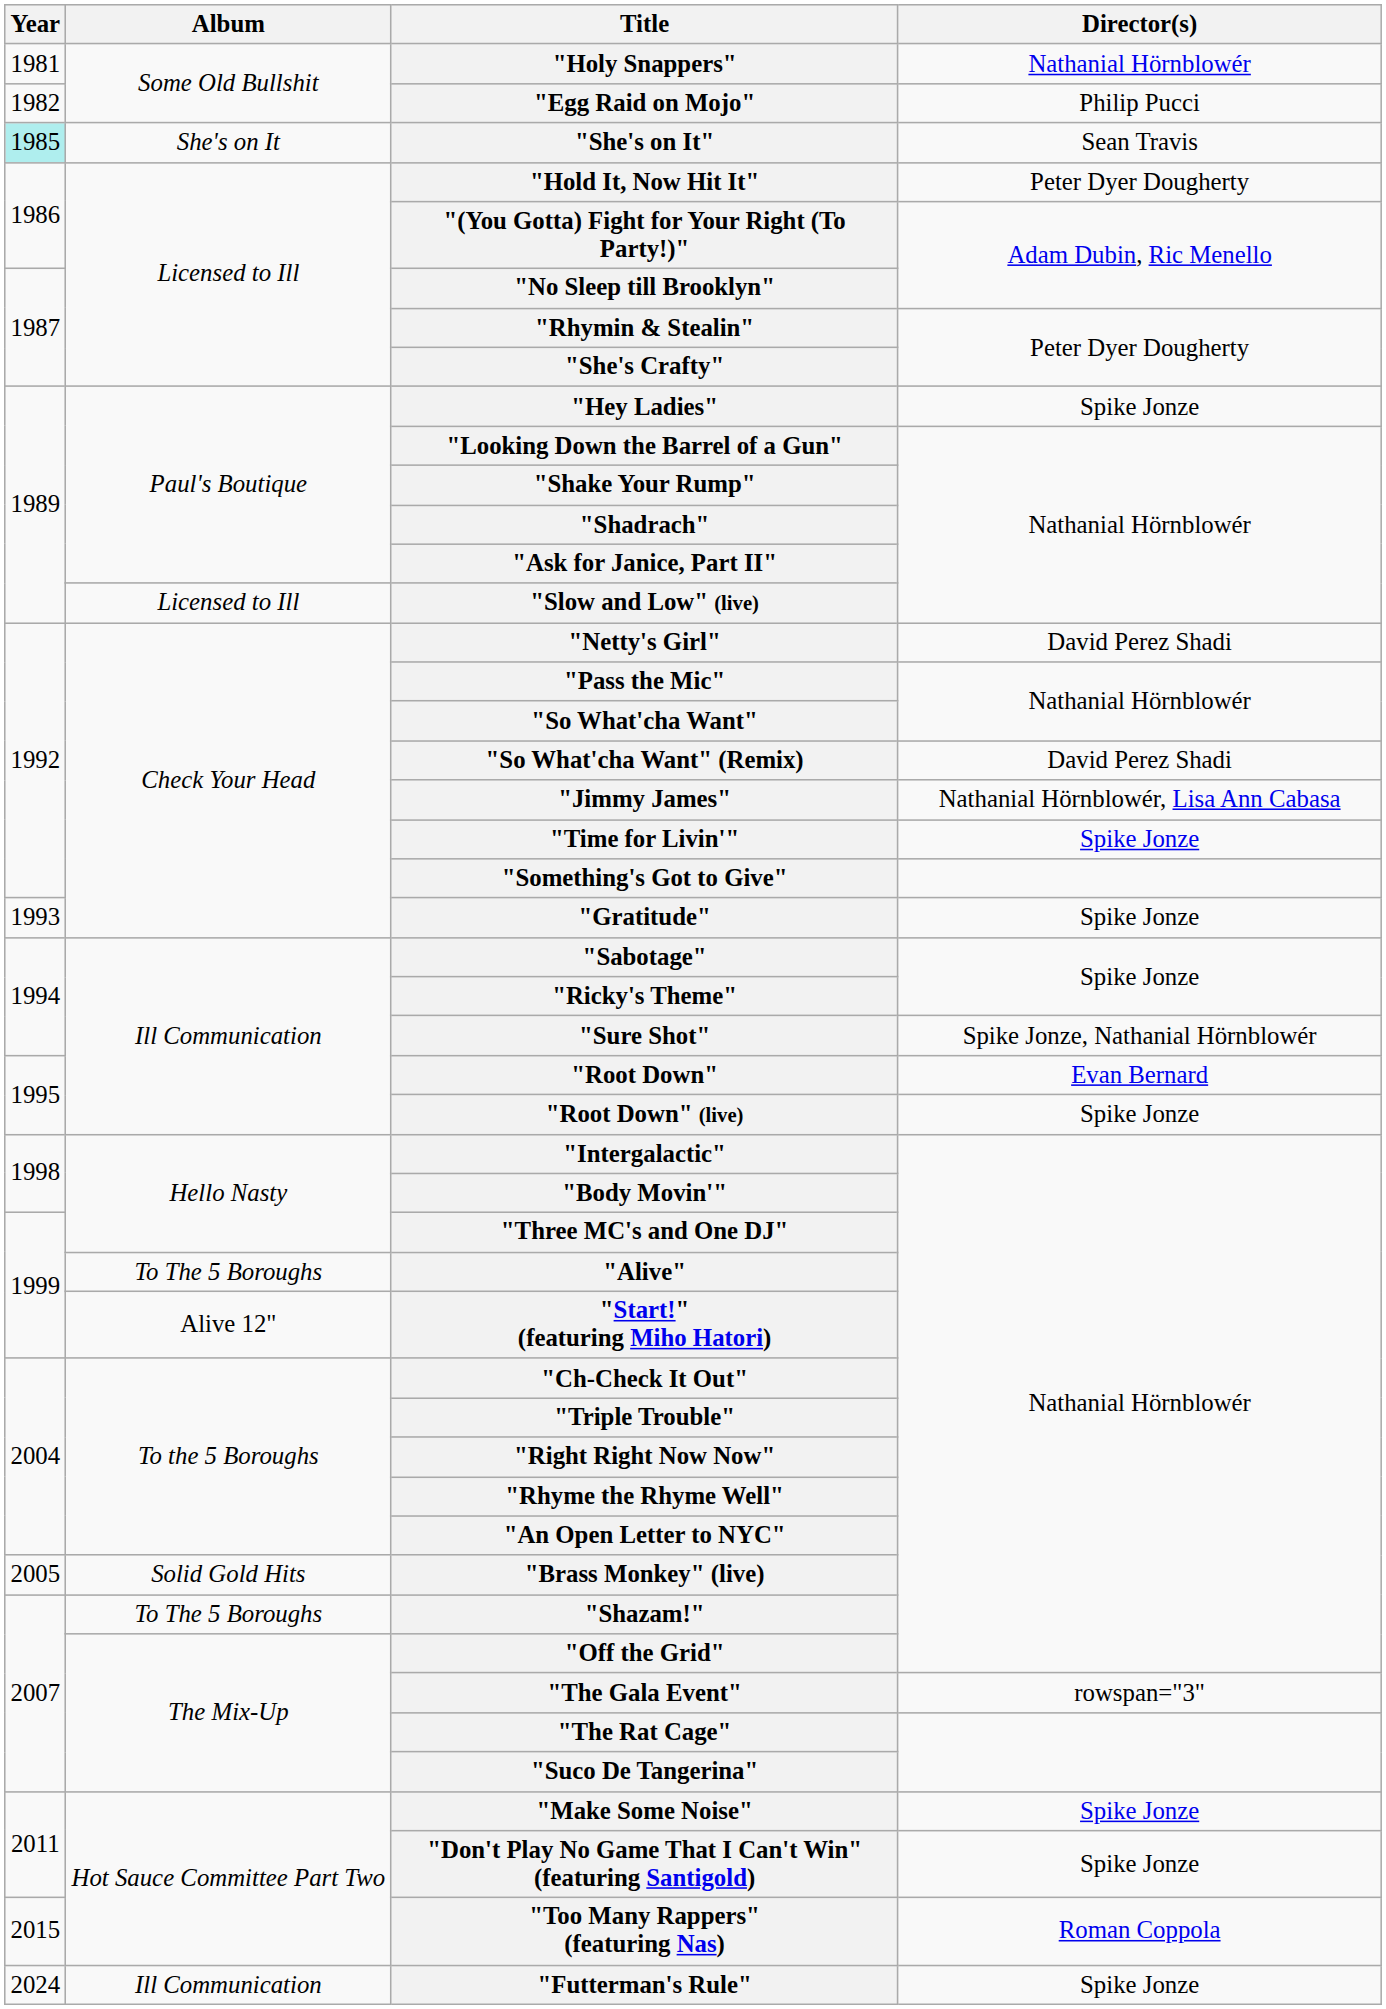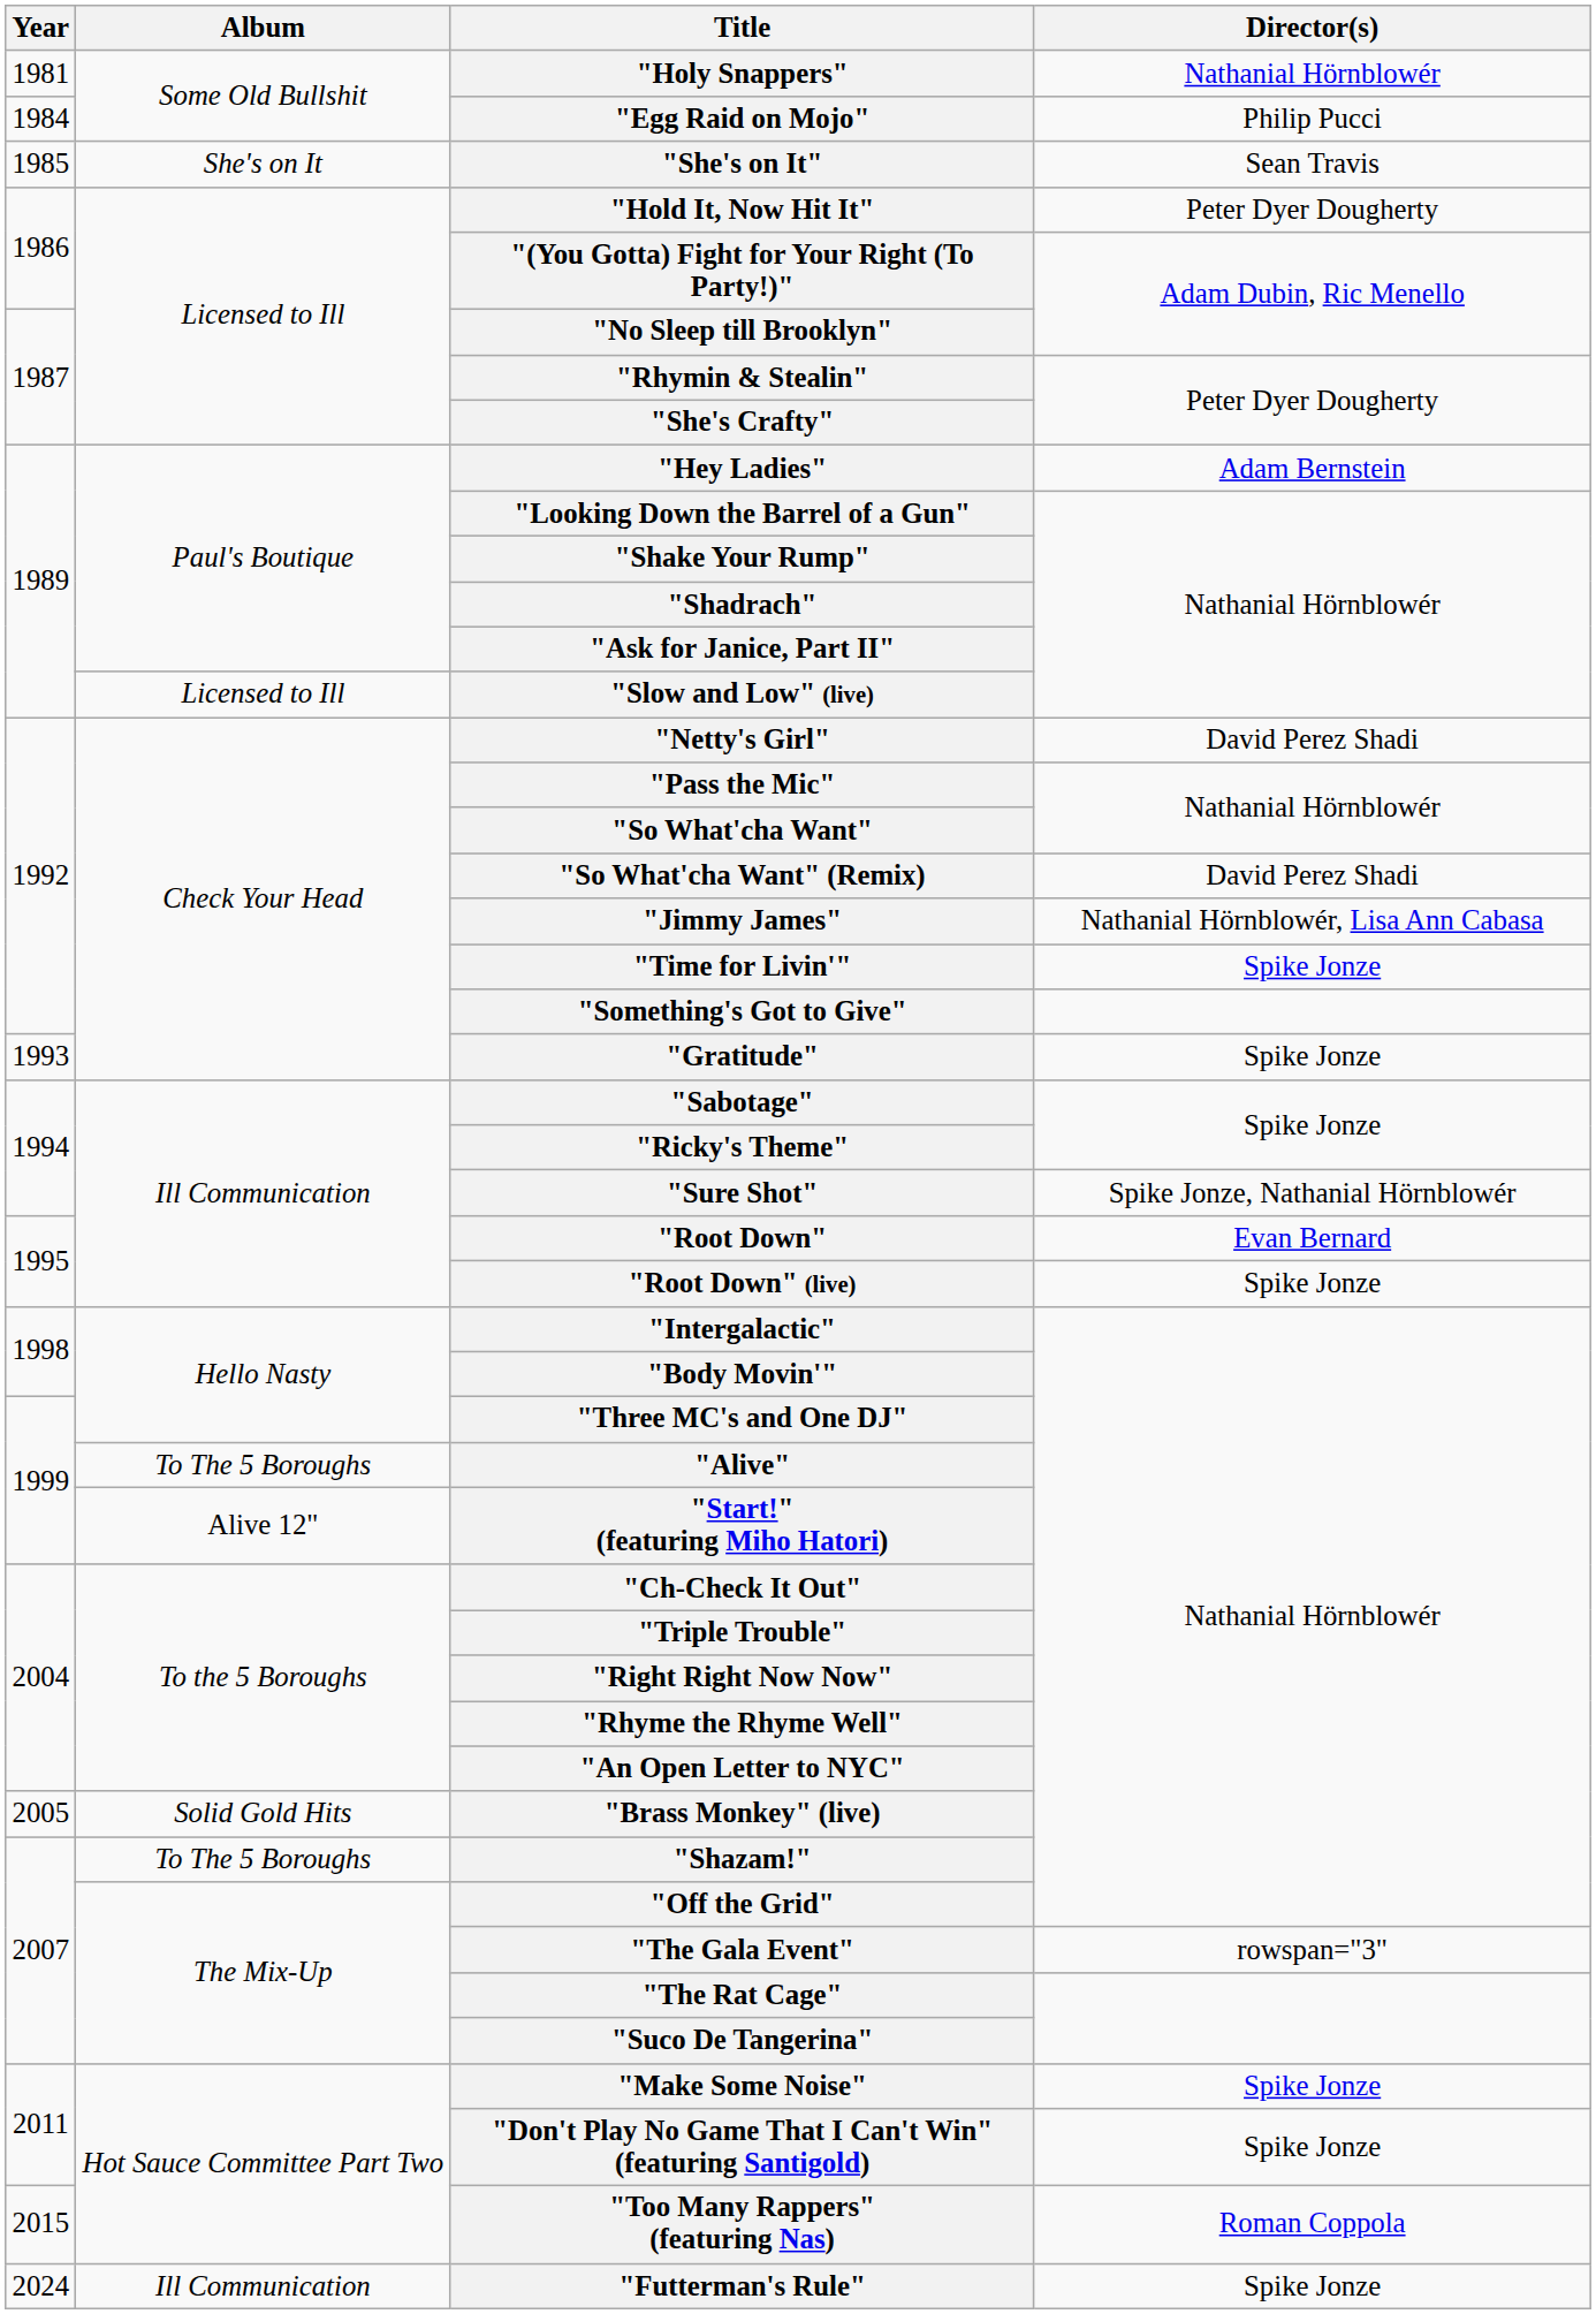 <table class="wikitable plainrowheaders" style="text-align:center;">
 <tr>
 <th scope="col">Year</th>
 <th>Album</th>
 <th scope="col" style="width:20em;">Title</th>
 <th scope="col" style="width:19em;">Director(s)</th>
 </tr>
 <tr>
 <td>1981</td>
 <td rowspan="2"><em>Some Old Bullshit</em></td>
 <th scope="row">"Holy Snappers"</th>
 <td><a href='#'>Nathanial Hörnblowér</a></td>
 </tr>
 <tr>
-<td>1982</td>
+<td>1984</td>
 <th scope="row">"Egg Raid on Mojo"</th>
 <td>Philip Pucci</td>
 </tr>
 <tr>
-<td style="background: paleturquoise;">1985</td>
+<td>1985</td>
 <td><em>She's on It</em></td>
 <th scope="row">"She's on It"</th>
 <td>Sean Travis</td>
 </tr>
 <tr>
 <td rowspan="2">1986</td>
 <td rowspan="5"><em>Licensed to Ill</em></td>
 <th scope="row">"Hold It, Now Hit It"</th>
 <td>Peter Dyer Dougherty</td>
 </tr>
 <tr>
 <th scope="row">"(You Gotta) Fight for Your Right (To Party!)"</th>
 <td rowspan="2"><a href='#'>Adam Dubin</a>, <a href='#'>Ric Menello</a></td>
 </tr>
 <tr>
 <td rowspan="3">1987</td>
 <th scope="row">"No Sleep till Brooklyn"</th>
 </tr>
 <tr>
 <th scope="row">"Rhymin & Stealin"</th>
 <td rowspan="2">Peter Dyer Dougherty</td>
 </tr>
 <tr>
 <th scope="row">"She's Crafty"</th>
 </tr>
 <tr>
 <td rowspan="6">1989</td>
 <td rowspan="5"><em>Paul's Boutique</em></td>
 <th scope="row">"Hey Ladies"</th>
-<td>Spike Jonze</td>
+<td><a href='#'>Adam Bernstein</a></td>
 </tr>
 <tr>
 <th scope="row">"Looking Down the Barrel of a Gun"</th>
 <td rowspan="5">Nathanial Hörnblowér</td>
 </tr>
 <tr>
 <th scope="row">"Shake Your Rump"</th>
 </tr>
 <tr>
 <th scope="row">"Shadrach"</th>
 </tr>
 <tr>
 <th scope="row">"Ask for Janice, Part II"</th>
 </tr>
 <tr>
 <td><em>Licensed to Ill</em></td>
 <th scope="row">"Slow and Low" <small>(live)</small></th>
 </tr>
 <tr>
 <td rowspan="7">1992</td>
 <td rowspan="8"><em>Check Your Head</em></td>
 <th scope="row">"Netty's Girl"</th>
 <td>David Perez Shadi</td>
 </tr>
 <tr>
 <th scope="row">"Pass the Mic"</th>
 <td rowspan="2">Nathanial Hörnblowér</td>
 </tr>
 <tr>
 <th scope="row">"So What'cha Want"</th>
 </tr>
 <tr>
 <th scope="row">"So What'cha Want" (Remix)</th>
 <td>David Perez Shadi</td>
 </tr>
 <tr>
 <th scope="row">"Jimmy James"</th>
 <td>Nathanial Hörnblowér, <a href='#'>Lisa Ann Cabasa</a></td>
 </tr>
 <tr>
 <th scope="row">"Time for Livin'"</th>
 <td><a href='#'>Spike Jonze</a></td>
 </tr>
 <tr>
 <th scope="row">"Something's Got to Give"</th>
 <td></td>
 </tr>
 <tr>
 <td>1993</td>
 <th scope="row">"Gratitude"</th>
 <td>Spike Jonze</td>
 </tr>
 <tr>
 <td rowspan="3">1994</td>
 <td rowspan="5"><em>Ill Communication</em></td>
 <th scope="row">"Sabotage"</th>
 <td rowspan="2">Spike Jonze</td>
 </tr>
 <tr>
 <th scope="row">"Ricky's Theme"</th>
 </tr>
 <tr>
 <th scope="row">"Sure Shot"</th>
 <td>Spike Jonze, Nathanial Hörnblowér</td>
 </tr>
 <tr>
 <td rowspan="2">1995</td>
 <th scope="row">"Root Down"</th>
 <td><a href='#'>Evan Bernard</a></td>
 </tr>
 <tr>
 <th scope="row">"Root Down" <small>(live)</small></th>
 <td>Spike Jonze</td>
 </tr>
 <tr>
 <td rowspan="2">1998</td>
 <td rowspan="3"><em>Hello Nasty</em></td>
 <th scope="row">"Intergalactic"</th>
 <td rowspan="13">Nathanial Hörnblowér</td>
 </tr>
 <tr>
 <th scope="row">"Body Movin'"</th>
 </tr>
 <tr>
 <td rowspan="3">1999</td>
 <th scope="row">"Three MC's and One DJ"</th>
 </tr>
 <tr>
 <td><em>To The 5 Boroughs</em></td>
 <th scope="row">"Alive"</th>
 </tr>
 <tr>
 <td>Alive 12"</td>
 <th scope="row">"<a href='#'>Start!</a>"<br><span>(featuring <a href='#'>Miho Hatori</a>)</span></th>
 </tr>
 <tr>
 <td rowspan="5">2004</td>
 <td rowspan="5"><em>To the 5 Boroughs</em></td>
 <th scope="row">"Ch-Check It Out"</th>
 </tr>
 <tr>
 <th scope="row">"Triple Trouble"</th>
 </tr>
 <tr>
 <th scope="row">"Right Right Now Now"</th>
 </tr>
 <tr>
 <th scope="row">"Rhyme the Rhyme Well"</th>
 </tr>
 <tr>
 <th scope="row">"An Open Letter to NYC"</th>
 </tr>
 <tr>
 <td>2005</td>
 <td><em>Solid Gold Hits</em></td>
 <th scope="row">"Brass Monkey" (live)</th>
 </tr>
 <tr>
 <td rowspan="5">2007</td>
 <td><em>To The 5 Boroughs</em></td>
 <th scope="row">"Shazam!"</th>
 </tr>
 <tr>
 <td rowspan="4"><em>The Mix-Up</em></td>
 <th scope="row">"Off the Grid"</th>
 </tr>
 <tr>
 <th scope="row">"The Gala Event"</th>
 <td>rowspan="3" </td>
 </tr>
 <tr>
 <th scope="row">"The Rat Cage"</th>
 </tr>
 <tr>
 <th scope="row">"Suco De Tangerina"</th>
 </tr>
 <tr>
 <td rowspan="2">2011</td>
 <td rowspan="3"><em>Hot Sauce Committee Part Two</em></td>
 <th scope="row">"Make Some Noise"</th>
 <td><a href='#'>Spike Jonze</a></td>
 </tr>
 <tr>
 <th scope="row">"Don't Play No Game That I Can't Win"<br><span>(featuring <a href='#'>Santigold</a>)</span></th>
 <td>Spike Jonze</td>
 </tr>
 <tr>
 <td>2015</td>
 <th scope="row">"Too Many Rappers"<br><span>(featuring <a href='#'>Nas</a>)</span></th>
 <td><a href='#'>Roman Coppola</a></td>
 </tr>
 <tr>
 <td>2024</td>
 <td><em>Ill Communication</em></td>
 <th scope="row">"Futterman's Rule"</th>
 <td>Spike Jonze</td>
 </tr>
 </table>
